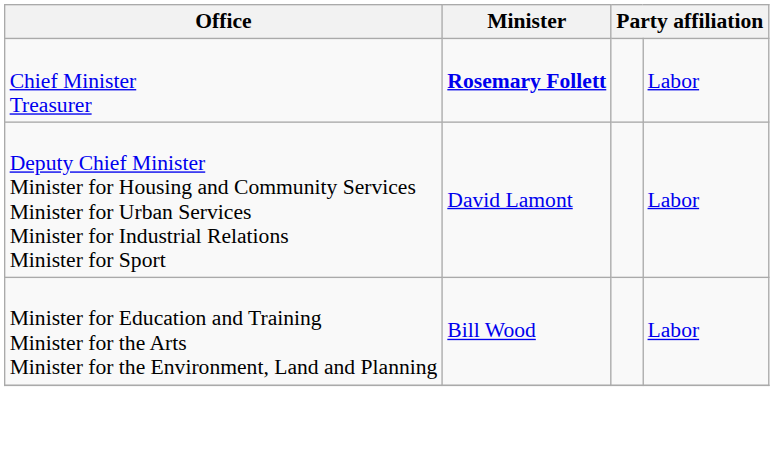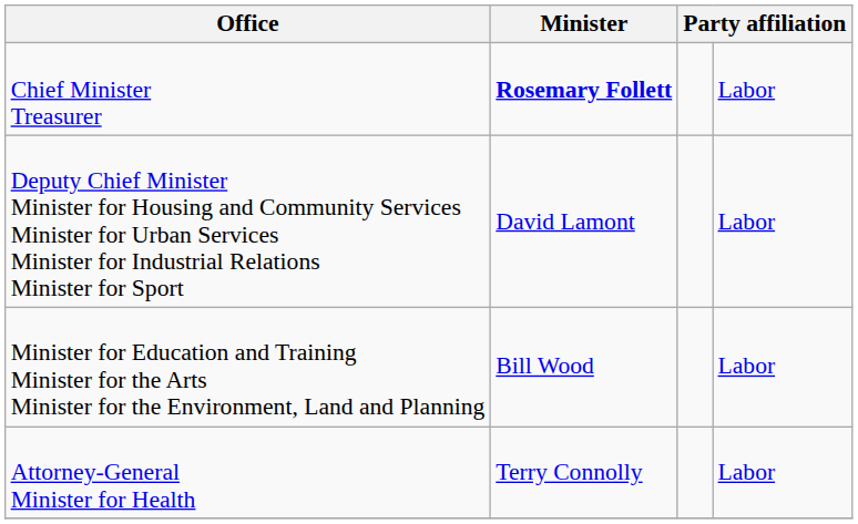 <table class="wikitable">
 <tr>
 <th>Office</th>
 <th>Minister</th>
 <th colspan=2>Party affiliation</th>
 </tr>
 <tr>
 <td><br><a href='#'>Chief Minister</a><br> <a href='#'>Treasurer</a></td>
 <td><strong><a href='#'>Rosemary Follett</a></strong></td>
 <td> </td>
 <td><a href='#'>Labor</a></td>
 </tr>
 <tr>
 <td><br><a href='#'>Deputy Chief Minister</a><br> Minister for Housing and Community Services<br> Minister for Urban Services<br> Minister for Industrial Relations<br> Minister for Sport</td>
 <td><a href='#'>David Lamont</a></td>
 <td> </td>
 <td><a href='#'>Labor</a></td>
 </tr>
 <tr>
 <td><br>Minister for Education and Training<br> Minister for the Arts<br> Minister for the Environment, Land and Planning</td>
 <td><a href='#'>Bill Wood</a></td>
 <td> </td>
 <td><a href='#'>Labor</a></td>
 </tr>
 <tr>
+<td><br><a href='#'>Attorney-General</a><br> <a href='#'>Minister for Health</a></td>
+<td><a href='#'>Terry Connolly</a></td>
+<td> </td>
+<td><a href='#'>Labor</a></td>
+</tr>
+<tr>
 </tr>
 </table>
